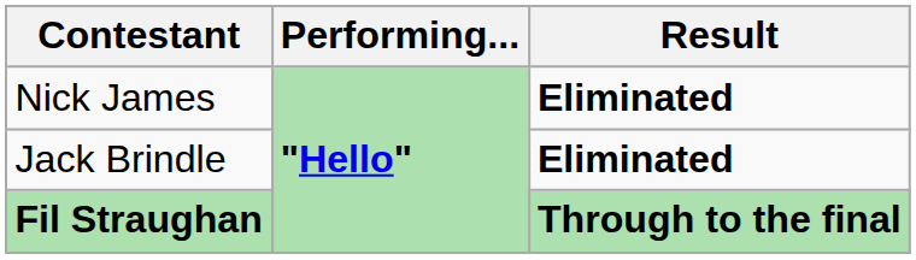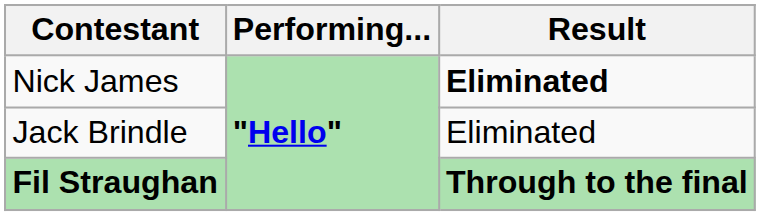 <table class="wikitable">
 <tr>
 <th>Contestant</th>
 <th>Performing...</th>
 <th>Result</th>
 </tr>
 <tr>
 <td>Nick James</td>
 <td style="background:#ACE1AF;"rowspan="3"><strong>"<a href='#'>Hello</a>"</strong></td>
 <td><strong>Eliminated</strong></td>
 </tr>
 <tr>
 <td>Jack Brindle</td>
-<td><strong>Eliminated</strong></td>
+<td>Eliminated</td>
 </tr>
 <tr>
 <td style="background:#ACE1AF;"><strong>Fil Straughan</strong></td>
 <td style="background:#ACE1AF;"><strong>Through to the final</strong></td>
 </tr>
 </table>
